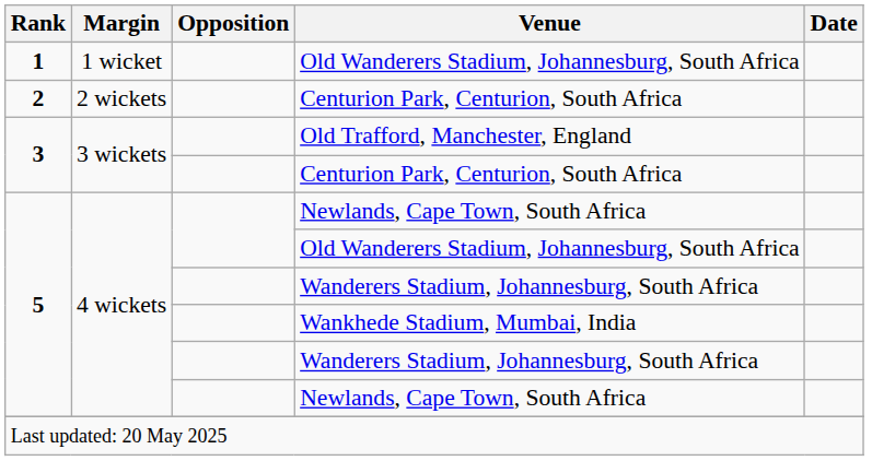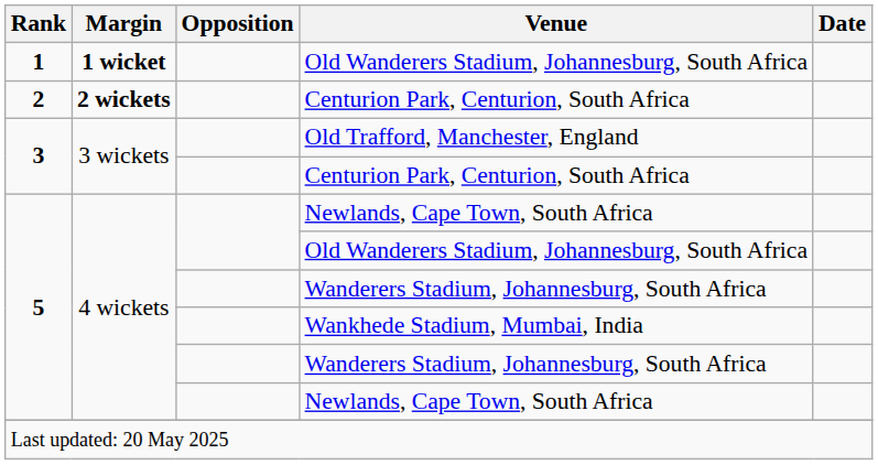 <table class="wikitable plainrowheaders sortable">
 <tr>
 <th scope=col>Rank</th>
 <th scope=col>Margin</th>
 <th scope=col>Opposition</th>
 <th scope=col>Venue</th>
 <th scope=col>Date</th>
 </tr>
 <tr>
 <td align=center><strong>1</strong></td>
-<td align=center>1 wicket</td>
+<td align=center><strong>1 wicket</strong></td>
 <td></td>
 <td><a href='#'>Old Wanderers Stadium</a>, <a href='#'>Johannesburg</a>, South Africa</td>
 <td></td>
 </tr>
 <tr>
 <td align=center><strong>2</strong></td>
-<td align=center>2 wickets</td>
+<td align=center><strong>2 wickets</strong></td>
 <td></td>
 <td><a href='#'>Centurion Park</a>, <a href='#'>Centurion</a>, South Africa</td>
 <td></td>
 </tr>
 <tr>
 <td align=center rowspan=2><strong>3</strong></td>
 <td align=center rowspan=2>3 wickets</td>
 <td></td>
 <td><a href='#'>Old Trafford</a>, <a href='#'>Manchester</a>, England</td>
 <td></td>
 </tr>
 <tr>
 <td></td>
 <td><a href='#'>Centurion Park</a>, <a href='#'>Centurion</a>, South Africa</td>
 <td></td>
 </tr>
 <tr>
 <td align=center rowspan=6><strong>5</strong></td>
 <td align=center rowspan=6>4 wickets</td>
 <td rowspan=2></td>
 <td><a href='#'>Newlands</a>, <a href='#'>Cape Town</a>, South Africa</td>
 <td></td>
 </tr>
 <tr>
 <td><a href='#'>Old Wanderers Stadium</a>, <a href='#'>Johannesburg</a>, South Africa</td>
 <td></td>
 </tr>
 <tr>
 <td></td>
 <td><a href='#'>Wanderers Stadium</a>, <a href='#'>Johannesburg</a>, South Africa</td>
 <td></td>
 </tr>
 <tr>
 <td></td>
 <td><a href='#'>Wankhede Stadium</a>, <a href='#'>Mumbai</a>, India</td>
 <td></td>
 </tr>
 <tr>
 <td></td>
 <td><a href='#'>Wanderers Stadium</a>, <a href='#'>Johannesburg</a>, South Africa</td>
 <td></td>
 </tr>
 <tr>
 <td></td>
 <td><a href='#'>Newlands</a>, <a href='#'>Cape Town</a>, South Africa</td>
 <td></td>
 </tr>
 <tr>
 </tr>
 <tr class=sortbottom>
 <td colspan=6><small>Last updated: 20 May 2025</small></td>
 </tr>
 </table>
